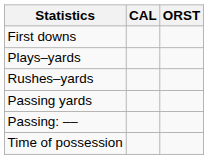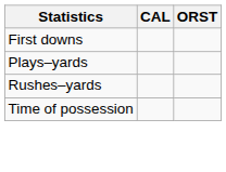 <table class="wikitable" style="float:left">
 <tr>
 <th>Statistics</th>
 <th>CAL</th>
 <th>ORST</th>
 </tr>
 <tr>
 <td>First downs</td>
 <td></td>
 <td></td>
 </tr>
 <tr>
 <td>Plays–yards</td>
 <td></td>
 <td></td>
 </tr>
 <tr>
 <td>Rushes–yards</td>
 <td></td>
 <td></td>
 </tr>
 <tr>
-<td>Passing yards</td>
-<td></td>
-<td></td>
-</tr>
-<tr>
-<td>Passing: ––</td>
-<td></td>
-<td></td>
-</tr>
-<tr>
 <td>Time of possession</td>
 <td></td>
 <td></td>
 </tr>
 </table>
